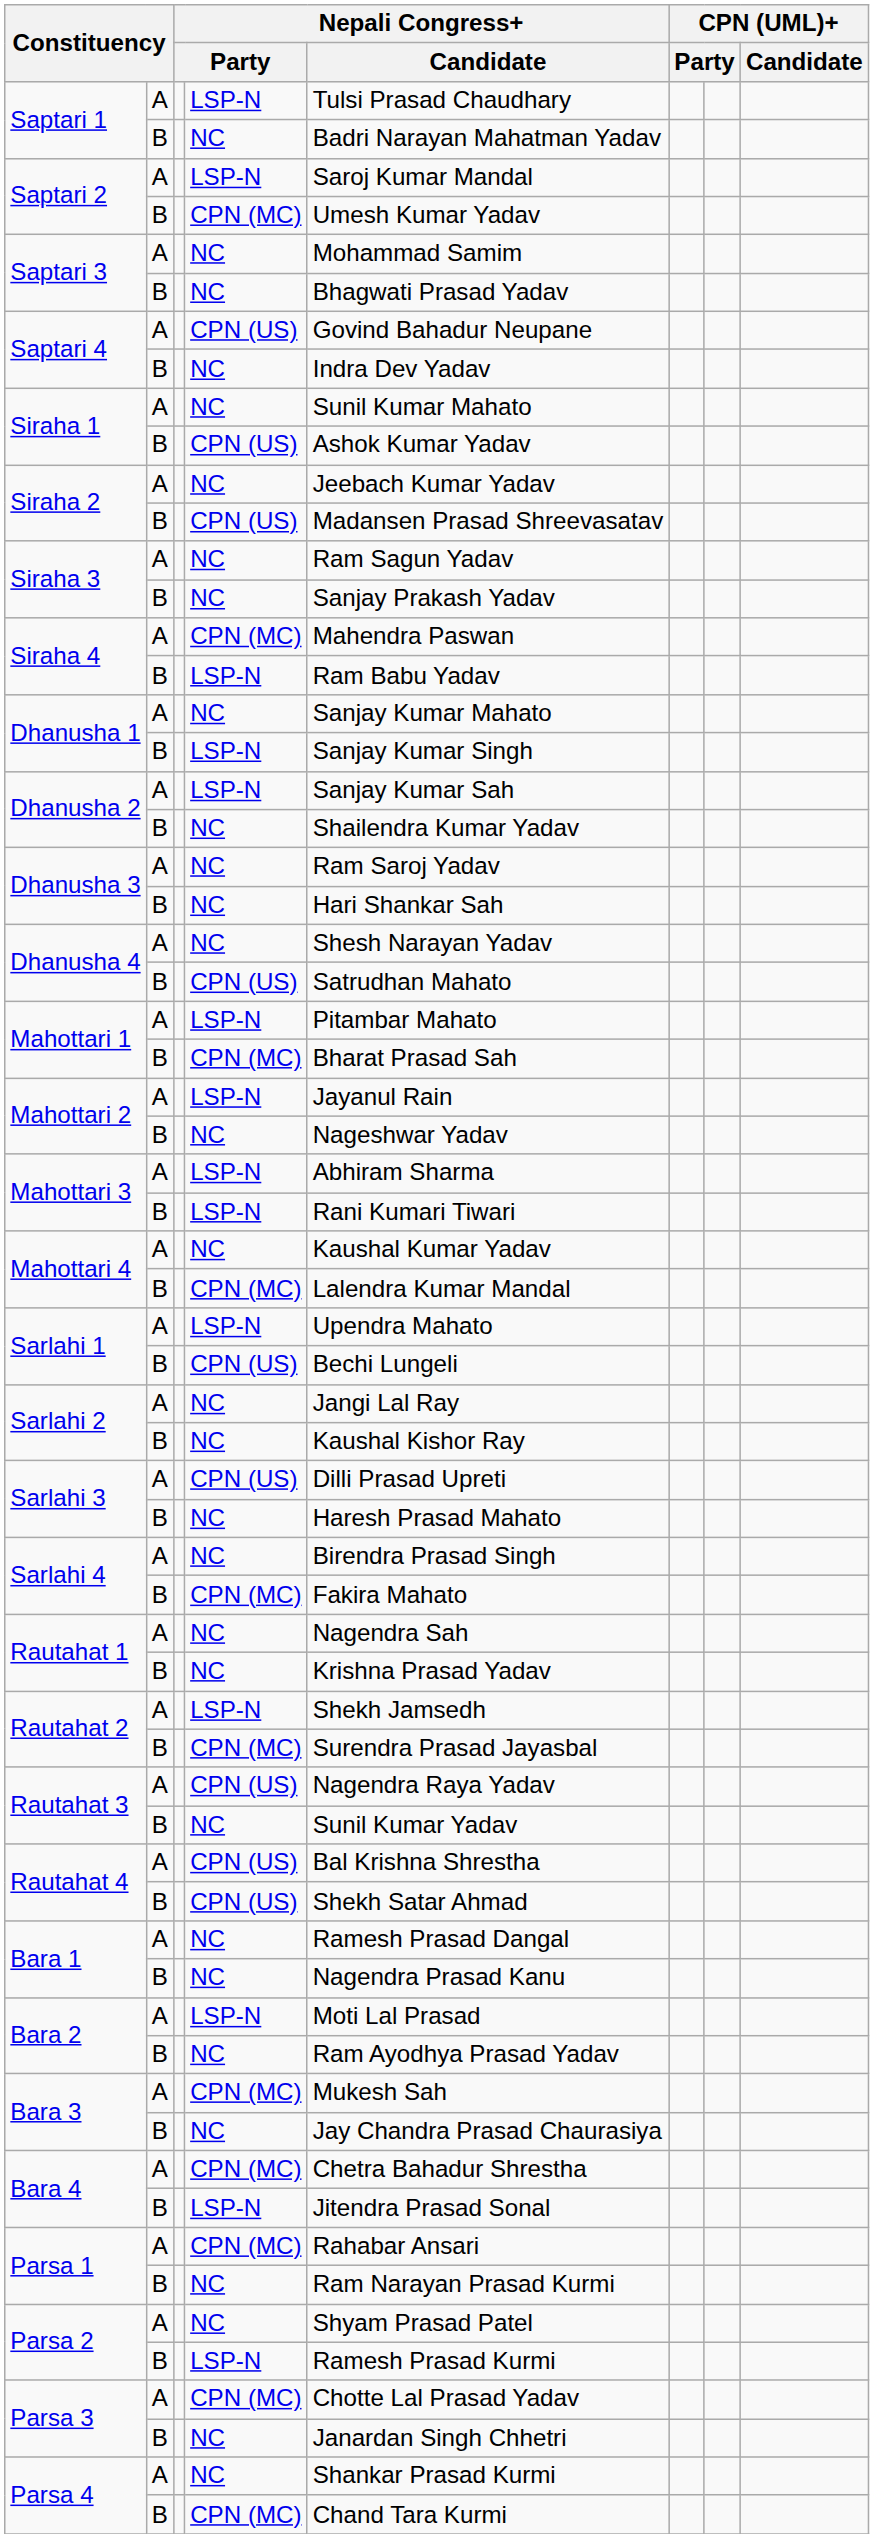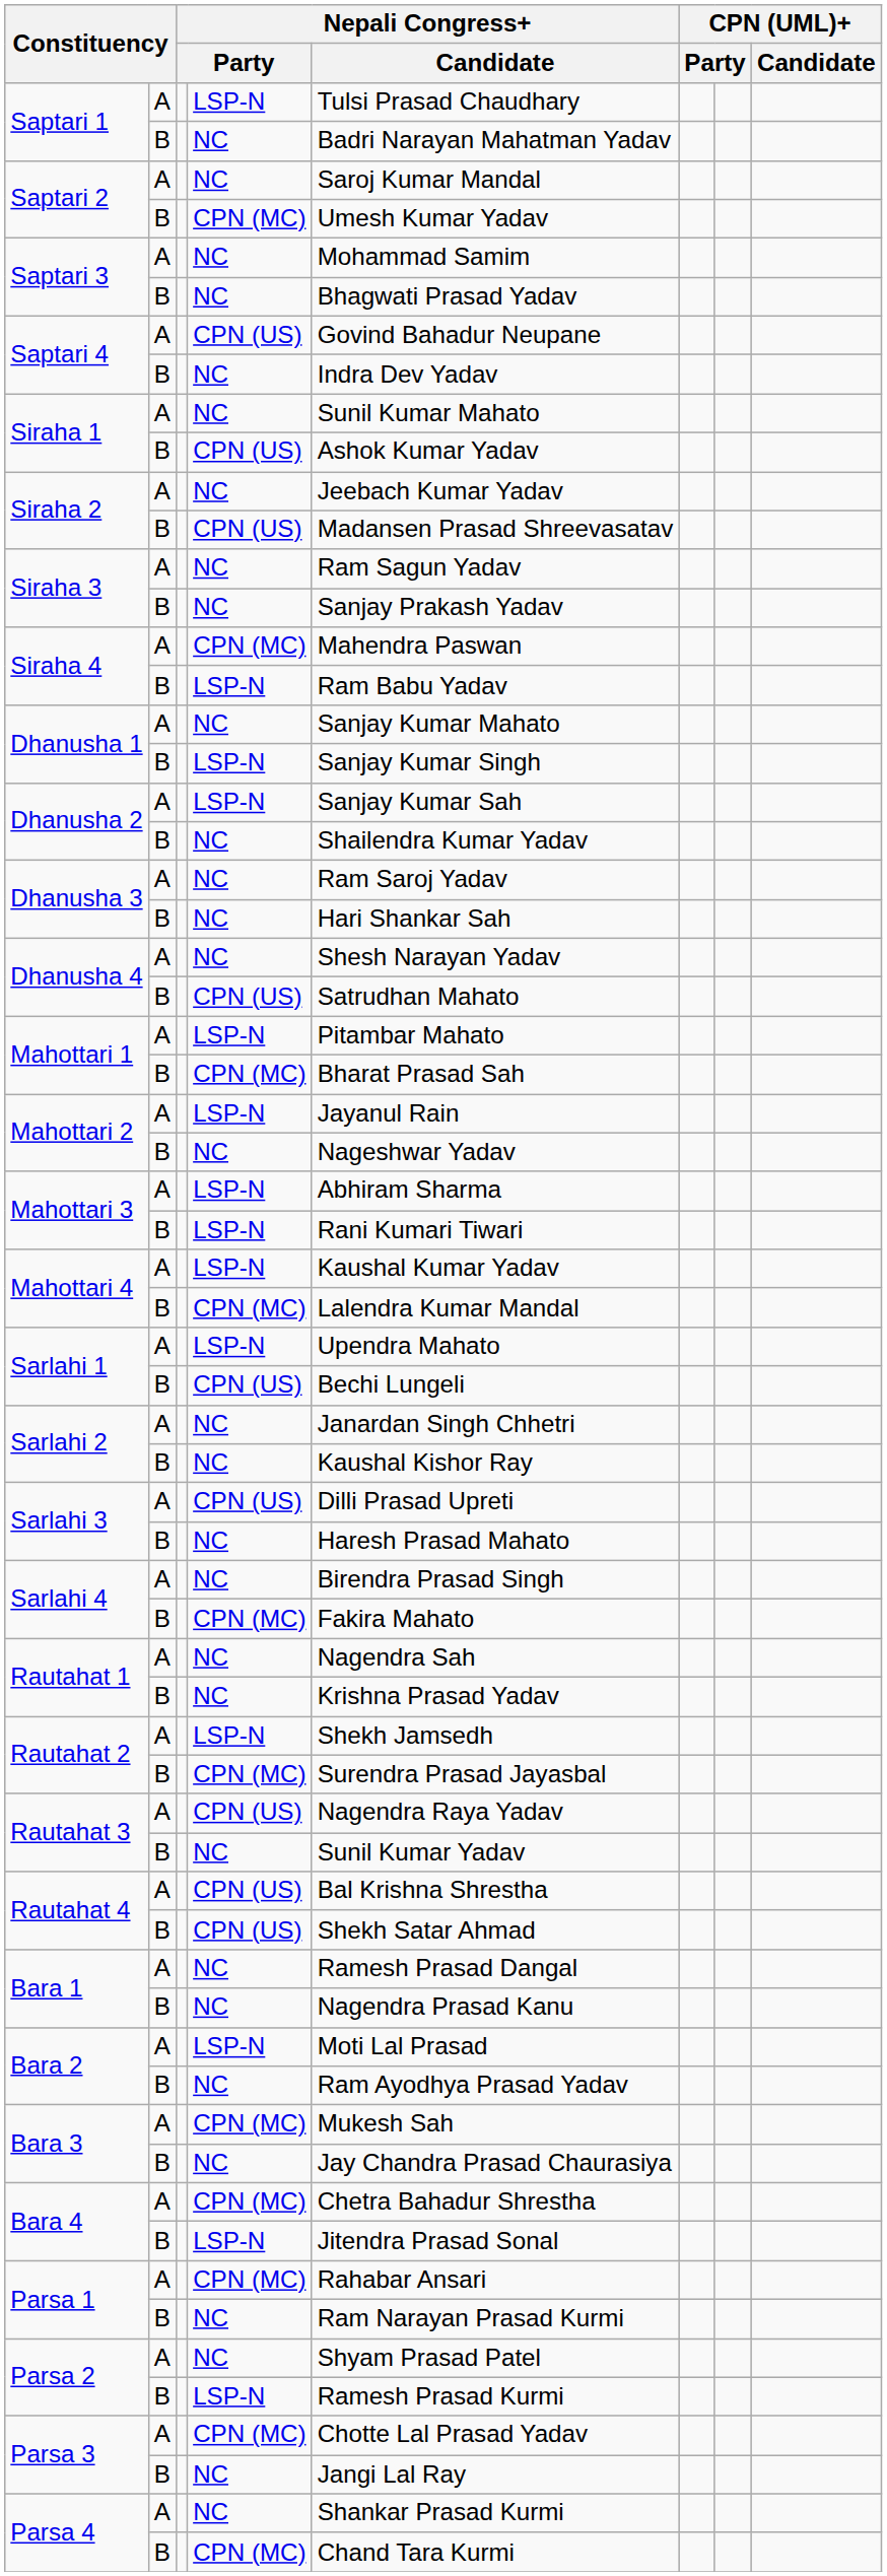 <table class="wikitable sortable">
 <tr>
 <th colspan="2" rowspan="2">Constituency</th>
 <th colspan="3">Nepali Congress+</th>
 <th colspan="3">CPN (UML)+</th>
 </tr>
 <tr>
 <th colspan="2">Party</th>
 <th>Candidate</th>
 <th colspan="2">Party</th>
 <th>Candidate</th>
 </tr>
 <tr>
 <td rowspan="2"><a href='#'>Saptari 1</a></td>
 <td>A</td>
 <td></td>
 <td><a href='#'>LSP-N</a></td>
 <td>Tulsi Prasad Chaudhary</td>
 <td></td>
 <td></td>
 <td></td>
 </tr>
 <tr>
 <td>B</td>
 <td></td>
 <td><a href='#'>NC</a></td>
 <td>Badri Narayan Mahatman Yadav</td>
 <td></td>
 <td></td>
 <td></td>
 </tr>
 <tr>
 <td rowspan="2"><a href='#'>Saptari 2</a></td>
 <td>A</td>
 <td></td>
-<td><a href='#'>LSP-N</a></td>
+<td><a href='#'>NC</a></td>
 <td>Saroj Kumar Mandal</td>
 <td></td>
 <td></td>
 <td></td>
 </tr>
 <tr>
 <td>B</td>
 <td></td>
 <td><a href='#'>CPN (MC)</a></td>
 <td>Umesh Kumar Yadav</td>
 <td></td>
 <td></td>
 <td></td>
 </tr>
 <tr>
 <td rowspan="2"><a href='#'>Saptari 3</a></td>
 <td>A</td>
 <td></td>
 <td><a href='#'>NC</a></td>
 <td>Mohammad Samim</td>
 <td></td>
 <td></td>
 <td></td>
 </tr>
 <tr>
 <td>B</td>
 <td></td>
 <td><a href='#'>NC</a></td>
 <td>Bhagwati Prasad Yadav</td>
 <td></td>
 <td></td>
 <td></td>
 </tr>
 <tr>
 <td rowspan="2"><a href='#'>Saptari 4</a></td>
 <td>A</td>
 <td></td>
 <td><a href='#'>CPN (US)</a></td>
 <td>Govind Bahadur Neupane</td>
 <td></td>
 <td></td>
 <td></td>
 </tr>
 <tr>
 <td>B</td>
 <td></td>
 <td><a href='#'>NC</a></td>
 <td>Indra Dev Yadav</td>
 <td></td>
 <td></td>
 <td></td>
 </tr>
 <tr>
 <td rowspan="2"><a href='#'>Siraha 1</a></td>
 <td>A</td>
 <td></td>
 <td><a href='#'>NC</a></td>
 <td>Sunil Kumar Mahato</td>
 <td></td>
 <td></td>
 <td></td>
 </tr>
 <tr>
 <td>B</td>
 <td></td>
 <td><a href='#'>CPN (US)</a></td>
 <td>Ashok Kumar Yadav</td>
 <td></td>
 <td></td>
 <td></td>
 </tr>
 <tr>
 <td rowspan="2"><a href='#'>Siraha 2</a></td>
 <td>A</td>
 <td></td>
 <td><a href='#'>NC</a></td>
 <td>Jeebach Kumar Yadav</td>
 <td></td>
 <td></td>
 <td></td>
 </tr>
 <tr>
 <td>B</td>
 <td></td>
 <td><a href='#'>CPN (US)</a></td>
 <td>Madansen Prasad Shreevasatav</td>
 <td></td>
 <td></td>
 <td></td>
 </tr>
 <tr>
 <td rowspan="2"><a href='#'>Siraha 3</a></td>
 <td>A</td>
 <td></td>
 <td><a href='#'>NC</a></td>
 <td>Ram Sagun Yadav</td>
 <td></td>
 <td></td>
 <td></td>
 </tr>
 <tr>
 <td>B</td>
 <td></td>
 <td><a href='#'>NC</a></td>
 <td>Sanjay Prakash Yadav</td>
 <td></td>
 <td></td>
 <td></td>
 </tr>
 <tr>
 <td rowspan="2"><a href='#'>Siraha 4</a></td>
 <td>A</td>
 <td></td>
 <td><a href='#'>CPN (MC)</a></td>
 <td>Mahendra Paswan</td>
 <td></td>
 <td></td>
 <td></td>
 </tr>
 <tr>
 <td>B</td>
 <td></td>
 <td><a href='#'>LSP-N</a></td>
 <td>Ram Babu Yadav</td>
 <td></td>
 <td></td>
 <td></td>
 </tr>
 <tr>
 <td rowspan="2"><a href='#'>Dhanusha 1</a></td>
 <td>A</td>
 <td></td>
 <td><a href='#'>NC</a></td>
 <td>Sanjay Kumar Mahato</td>
 <td></td>
 <td></td>
 <td></td>
 </tr>
 <tr>
 <td>B</td>
 <td></td>
 <td><a href='#'>LSP-N</a></td>
 <td>Sanjay Kumar Singh</td>
 <td></td>
 <td></td>
 <td></td>
 </tr>
 <tr>
 <td rowspan="2"><a href='#'>Dhanusha 2</a></td>
 <td>A</td>
 <td></td>
 <td><a href='#'>LSP-N</a></td>
 <td>Sanjay Kumar Sah</td>
 <td></td>
 <td></td>
 <td></td>
 </tr>
 <tr>
 <td>B</td>
 <td></td>
 <td><a href='#'>NC</a></td>
 <td>Shailendra Kumar Yadav</td>
 <td></td>
 <td></td>
 <td></td>
 </tr>
 <tr>
 <td rowspan="2"><a href='#'>Dhanusha 3</a></td>
 <td>A</td>
 <td></td>
 <td><a href='#'>NC</a></td>
 <td>Ram Saroj Yadav</td>
 <td></td>
 <td></td>
 <td></td>
 </tr>
 <tr>
 <td>B</td>
 <td></td>
 <td><a href='#'>NC</a></td>
 <td>Hari Shankar Sah</td>
 <td></td>
 <td></td>
 <td></td>
 </tr>
 <tr>
 <td rowspan="2"><a href='#'>Dhanusha 4</a></td>
 <td>A</td>
 <td></td>
 <td><a href='#'>NC</a></td>
 <td>Shesh Narayan Yadav</td>
 <td></td>
 <td></td>
 <td></td>
 </tr>
 <tr>
 <td>B</td>
 <td></td>
 <td><a href='#'>CPN (US)</a></td>
 <td>Satrudhan Mahato</td>
 <td></td>
 <td></td>
 <td></td>
 </tr>
 <tr>
 <td rowspan="2"><a href='#'>Mahottari 1</a></td>
 <td>A</td>
 <td></td>
 <td><a href='#'>LSP-N</a></td>
 <td>Pitambar Mahato</td>
 <td></td>
 <td></td>
 <td></td>
 </tr>
 <tr>
 <td>B</td>
 <td></td>
 <td><a href='#'>CPN (MC)</a></td>
 <td>Bharat Prasad Sah</td>
 <td></td>
 <td></td>
 <td></td>
 </tr>
 <tr>
 <td rowspan="2"><a href='#'>Mahottari 2</a></td>
 <td>A</td>
 <td></td>
 <td><a href='#'>LSP-N</a></td>
 <td>Jayanul Rain</td>
 <td></td>
 <td></td>
 <td></td>
 </tr>
 <tr>
 <td>B</td>
 <td></td>
 <td><a href='#'>NC</a></td>
 <td>Nageshwar Yadav</td>
 <td></td>
 <td></td>
 <td></td>
 </tr>
 <tr>
 <td rowspan="2"><a href='#'>Mahottari 3</a></td>
 <td>A</td>
 <td></td>
 <td><a href='#'>LSP-N</a></td>
 <td>Abhiram Sharma</td>
 <td></td>
 <td></td>
 <td></td>
 </tr>
 <tr>
 <td>B</td>
 <td></td>
 <td><a href='#'>LSP-N</a></td>
 <td>Rani Kumari Tiwari</td>
 <td></td>
 <td></td>
 <td></td>
 </tr>
 <tr>
 <td rowspan="2"><a href='#'>Mahottari 4</a></td>
 <td>A</td>
 <td></td>
-<td><a href='#'>NC</a></td>
+<td><a href='#'>LSP-N</a></td>
 <td>Kaushal Kumar Yadav</td>
 <td></td>
 <td></td>
 <td></td>
 </tr>
 <tr>
 <td>B</td>
 <td></td>
 <td><a href='#'>CPN (MC)</a></td>
 <td>Lalendra Kumar Mandal</td>
 <td></td>
 <td></td>
 <td></td>
 </tr>
 <tr>
 <td rowspan="2"><a href='#'>Sarlahi 1</a></td>
 <td>A</td>
 <td></td>
 <td><a href='#'>LSP-N</a></td>
 <td>Upendra Mahato</td>
 <td></td>
 <td></td>
 <td></td>
 </tr>
 <tr>
 <td>B</td>
 <td></td>
 <td><a href='#'>CPN (US)</a></td>
 <td>Bechi Lungeli</td>
 <td></td>
 <td></td>
 <td></td>
 </tr>
 <tr>
 <td rowspan="2"><a href='#'>Sarlahi 2</a></td>
 <td>A</td>
 <td></td>
 <td><a href='#'>NC</a></td>
-<td>Jangi Lal Ray</td>
+<td>Janardan Singh Chhetri</td>
 <td></td>
 <td></td>
 <td></td>
 </tr>
 <tr>
 <td>B</td>
 <td></td>
 <td><a href='#'>NC</a></td>
 <td>Kaushal Kishor Ray</td>
 <td></td>
 <td></td>
 <td></td>
 </tr>
 <tr>
 <td rowspan="2"><a href='#'>Sarlahi 3</a></td>
 <td>A</td>
 <td></td>
 <td><a href='#'>CPN (US)</a></td>
 <td>Dilli Prasad Upreti</td>
 <td></td>
 <td></td>
 <td></td>
 </tr>
 <tr>
 <td>B</td>
 <td></td>
 <td><a href='#'>NC</a></td>
 <td>Haresh Prasad Mahato</td>
 <td></td>
 <td></td>
 <td></td>
 </tr>
 <tr>
 <td rowspan="2"><a href='#'>Sarlahi 4</a></td>
 <td>A</td>
 <td></td>
 <td><a href='#'>NC</a></td>
 <td>Birendra Prasad Singh</td>
 <td></td>
 <td></td>
 <td></td>
 </tr>
 <tr>
 <td>B</td>
 <td></td>
 <td><a href='#'>CPN (MC)</a></td>
 <td>Fakira Mahato</td>
 <td></td>
 <td></td>
 <td></td>
 </tr>
 <tr>
 <td rowspan="2"><a href='#'>Rautahat 1</a></td>
 <td>A</td>
 <td></td>
 <td><a href='#'>NC</a></td>
 <td>Nagendra Sah</td>
 <td></td>
 <td></td>
 <td></td>
 </tr>
 <tr>
 <td>B</td>
 <td></td>
 <td><a href='#'>NC</a></td>
 <td>Krishna Prasad Yadav</td>
 <td></td>
 <td></td>
 <td></td>
 </tr>
 <tr>
 <td rowspan="2"><a href='#'>Rautahat 2</a></td>
 <td>A</td>
 <td></td>
 <td><a href='#'>LSP-N</a></td>
 <td>Shekh Jamsedh</td>
 <td></td>
 <td></td>
 <td></td>
 </tr>
 <tr>
 <td>B</td>
 <td></td>
 <td><a href='#'>CPN (MC)</a></td>
 <td>Surendra Prasad Jayasbal</td>
 <td></td>
 <td></td>
 <td></td>
 </tr>
 <tr>
 <td rowspan="2"><a href='#'>Rautahat 3</a></td>
 <td>A</td>
 <td></td>
 <td><a href='#'>CPN (US)</a></td>
 <td>Nagendra Raya Yadav</td>
 <td></td>
 <td></td>
 <td></td>
 </tr>
 <tr>
 <td>B</td>
 <td></td>
 <td><a href='#'>NC</a></td>
 <td>Sunil Kumar Yadav</td>
 <td></td>
 <td></td>
 <td></td>
 </tr>
 <tr>
 <td rowspan="2"><a href='#'>Rautahat 4</a></td>
 <td>A</td>
 <td></td>
 <td><a href='#'>CPN (US)</a></td>
 <td>Bal Krishna Shrestha</td>
 <td></td>
 <td></td>
 <td></td>
 </tr>
 <tr>
 <td>B</td>
 <td></td>
 <td><a href='#'>CPN (US)</a></td>
 <td>Shekh Satar Ahmad</td>
 <td></td>
 <td></td>
 <td></td>
 </tr>
 <tr>
 <td rowspan="2"><a href='#'>Bara 1</a></td>
 <td>A</td>
 <td></td>
 <td><a href='#'>NC</a></td>
 <td>Ramesh Prasad Dangal</td>
 <td></td>
 <td></td>
 <td></td>
 </tr>
 <tr>
 <td>B</td>
 <td></td>
 <td><a href='#'>NC</a></td>
 <td>Nagendra Prasad Kanu</td>
 <td></td>
 <td></td>
 <td></td>
 </tr>
 <tr>
 <td rowspan="2"><a href='#'>Bara 2</a></td>
 <td>A</td>
 <td></td>
 <td><a href='#'>LSP-N</a></td>
 <td>Moti Lal Prasad</td>
 <td></td>
 <td></td>
 <td></td>
 </tr>
 <tr>
 <td>B</td>
 <td></td>
 <td><a href='#'>NC</a></td>
 <td>Ram Ayodhya Prasad Yadav</td>
 <td></td>
 <td></td>
 <td></td>
 </tr>
 <tr>
 <td rowspan="2"><a href='#'>Bara 3</a></td>
 <td>A</td>
 <td></td>
 <td><a href='#'>CPN (MC)</a></td>
 <td>Mukesh Sah</td>
 <td></td>
 <td></td>
 <td></td>
 </tr>
 <tr>
 <td>B</td>
 <td></td>
 <td><a href='#'>NC</a></td>
 <td>Jay Chandra Prasad Chaurasiya</td>
 <td></td>
 <td></td>
 <td></td>
 </tr>
 <tr>
 <td rowspan="2"><a href='#'>Bara 4</a></td>
 <td>A</td>
 <td></td>
 <td><a href='#'>CPN (MC)</a></td>
 <td>Chetra Bahadur Shrestha</td>
 <td></td>
 <td></td>
 <td></td>
 </tr>
 <tr>
 <td>B</td>
 <td></td>
 <td><a href='#'>LSP-N</a></td>
 <td>Jitendra Prasad Sonal</td>
 <td></td>
 <td></td>
 <td></td>
 </tr>
 <tr>
 <td rowspan="2"><a href='#'>Parsa 1</a></td>
 <td>A</td>
 <td></td>
 <td><a href='#'>CPN (MC)</a></td>
 <td>Rahabar Ansari</td>
 <td></td>
 <td></td>
 <td></td>
 </tr>
 <tr>
 <td>B</td>
 <td></td>
 <td><a href='#'>NC</a></td>
 <td>Ram Narayan Prasad Kurmi</td>
 <td></td>
 <td></td>
 <td></td>
 </tr>
 <tr>
 <td rowspan="2"><a href='#'>Parsa 2</a></td>
 <td>A</td>
 <td></td>
 <td><a href='#'>NC</a></td>
 <td>Shyam Prasad Patel</td>
 <td></td>
 <td></td>
 <td></td>
 </tr>
 <tr>
 <td>B</td>
 <td></td>
 <td><a href='#'>LSP-N</a></td>
 <td>Ramesh Prasad Kurmi</td>
 <td></td>
 <td></td>
 <td></td>
 </tr>
 <tr>
 <td rowspan="2"><a href='#'>Parsa 3</a></td>
 <td>A</td>
 <td></td>
 <td><a href='#'>CPN (MC)</a></td>
 <td>Chotte Lal Prasad Yadav</td>
 <td></td>
 <td></td>
 <td></td>
 </tr>
 <tr>
 <td>B</td>
 <td></td>
 <td><a href='#'>NC</a></td>
-<td>Janardan Singh Chhetri</td>
+<td>Jangi Lal Ray</td>
 <td></td>
 <td></td>
 <td></td>
 </tr>
 <tr>
 <td rowspan="2"><a href='#'>Parsa 4</a></td>
 <td>A</td>
 <td></td>
 <td><a href='#'>NC</a></td>
 <td>Shankar Prasad Kurmi</td>
 <td></td>
 <td></td>
 <td></td>
 </tr>
 <tr>
 <td>B</td>
 <td></td>
 <td><a href='#'>CPN (MC)</a></td>
 <td>Chand Tara Kurmi</td>
 <td></td>
 <td></td>
 <td></td>
 </tr>
 </table>
